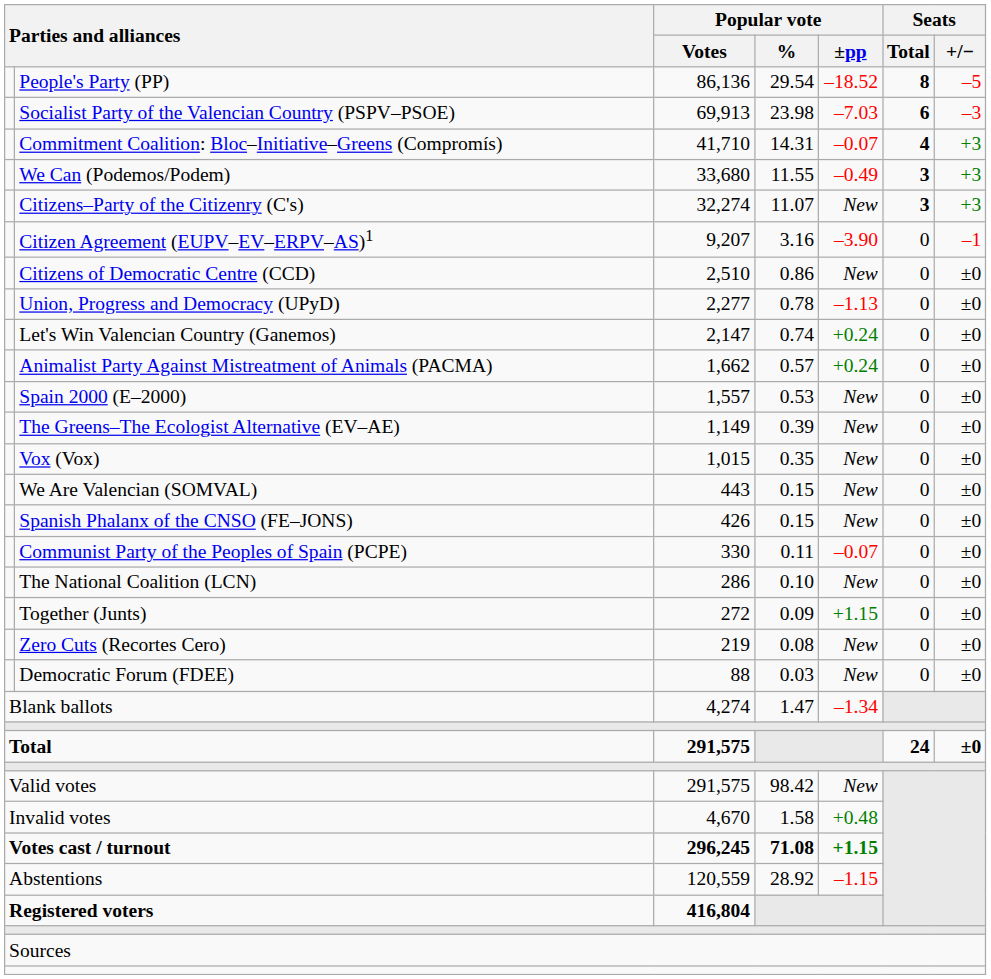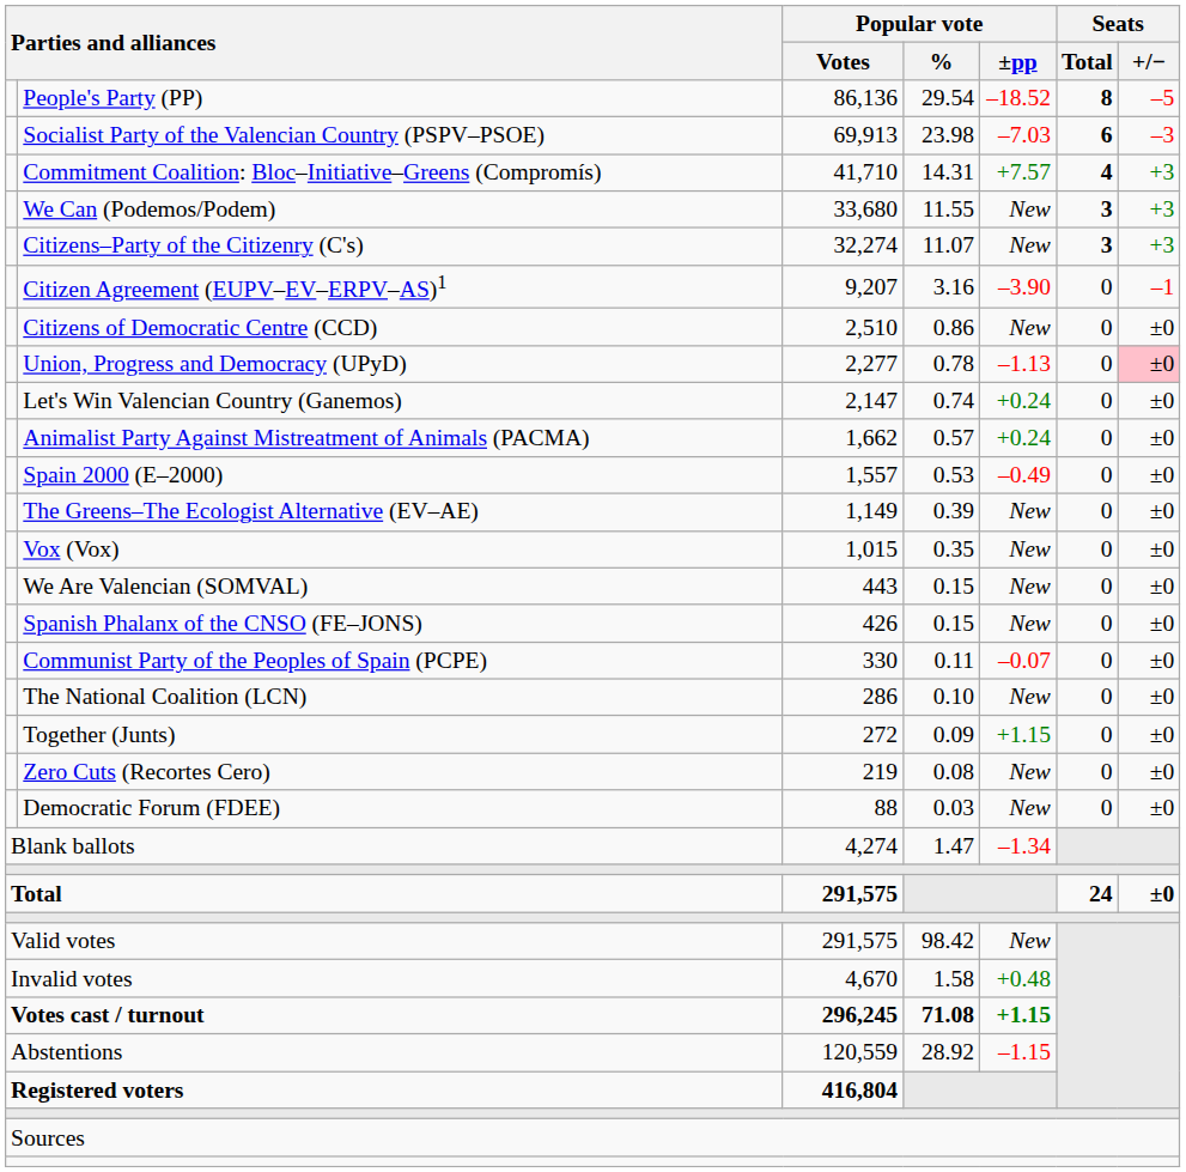 <table class="wikitable" style="text-align:right;">
 <tr>
 <th style="text-align:left;" rowspan="2" colspan="2" width="525">Parties and alliances</th>
 <th colspan="3">Popular vote</th>
 <th colspan="2">Seats</th>
 </tr>
 <tr>
 <th width="75">Votes</th>
 <th width="45">%</th>
 <th width="45">±<a href='#'>pp</a></th>
 <th width="35">Total</th>
 <th width="35">+/−</th>
 </tr>
 <tr>
 <td width="1" style="color:inherit;background:"></td>
 <td align="left"><a href='#'>People's Party</a> (PP)</td>
 <td>86,136</td>
 <td>29.54</td>
 <td style="color:red;">–18.52</td>
 <td><strong>8</strong></td>
 <td style="color:red;">–5</td>
 </tr>
 <tr>
 <td style="color:inherit;background:"></td>
 <td align="left"><a href='#'>Socialist Party of the Valencian Country</a> (PSPV–PSOE)</td>
 <td>69,913</td>
 <td>23.98</td>
 <td style="color:red;">–7.03</td>
 <td><strong>6</strong></td>
 <td style="color:red;">–3</td>
 </tr>
 <tr>
 <td style="color:inherit;background:"></td>
 <td align="left"><a href='#'>Commitment Coalition</a>: <a href='#'>Bloc</a>–<a href='#'>Initiative</a>–<a href='#'>Greens</a> (Compromís)</td>
 <td>41,710</td>
 <td>14.31</td>
-<td style="color:red;">–0.07</td>
+<td style="color:green;">+7.57</td>
 <td><strong>4</strong></td>
 <td style="color:green;">+3</td>
 </tr>
 <tr>
 <td style="color:inherit;background:"></td>
 <td align="left"><a href='#'>We Can</a> (Podemos/Podem)</td>
 <td>33,680</td>
 <td>11.55</td>
-<td style="color:red;">–0.49</td>
+<td><em>New</em></td>
 <td><strong>3</strong></td>
 <td style="color:green;">+3</td>
 </tr>
 <tr>
 <td style="color:inherit;background:"></td>
 <td align="left"><a href='#'>Citizens–Party of the Citizenry</a> (C's)</td>
 <td>32,274</td>
 <td>11.07</td>
 <td><em>New</em></td>
 <td><strong>3</strong></td>
 <td style="color:green;">+3</td>
 </tr>
 <tr>
 <td style="color:inherit;background:"></td>
 <td align="left"><a href='#'>Citizen Agreement</a> (<a href='#'>EUPV</a>–<a href='#'>EV</a>–<a href='#'>ERPV</a>–<a href='#'>AS</a>)<sup>1</sup></td>
 <td>9,207</td>
 <td>3.16</td>
 <td style="color:red;">–3.90</td>
 <td>0</td>
 <td style="color:red;">–1</td>
 </tr>
 <tr>
 <td style="color:inherit;background:"></td>
 <td align="left"><a href='#'>Citizens of Democratic Centre</a> (CCD)</td>
 <td>2,510</td>
 <td>0.86</td>
 <td><em>New</em></td>
 <td>0</td>
 <td>±0</td>
 </tr>
 <tr>
 <td style="color:inherit;background:"></td>
 <td align="left"><a href='#'>Union, Progress and Democracy</a> (UPyD)</td>
 <td>2,277</td>
 <td>0.78</td>
 <td style="color:red;">–1.13</td>
 <td>0</td>
-<td>±0</td>
+<td style="background: pink;">±0</td>
 </tr>
 <tr>
 <td style="color:inherit;background:"></td>
 <td align="left">Let's Win Valencian Country (Ganemos)</td>
 <td>2,147</td>
 <td>0.74</td>
 <td style="color:green;">+0.24</td>
 <td>0</td>
 <td>±0</td>
 </tr>
 <tr>
 <td style="color:inherit;background:"></td>
 <td align="left"><a href='#'>Animalist Party Against Mistreatment of Animals</a> (PACMA)</td>
 <td>1,662</td>
 <td>0.57</td>
 <td style="color:green;">+0.24</td>
 <td>0</td>
 <td>±0</td>
 </tr>
 <tr>
 <td style="color:inherit;background:"></td>
 <td align="left"><a href='#'>Spain 2000</a> (E–2000)</td>
 <td>1,557</td>
 <td>0.53</td>
-<td><em>New</em></td>
+<td style="color:red;">–0.49</td>
 <td>0</td>
 <td>±0</td>
 </tr>
 <tr>
 <td style="color:inherit;background:"></td>
 <td align="left"><a href='#'>The Greens–The Ecologist Alternative</a> (EV–AE)</td>
 <td>1,149</td>
 <td>0.39</td>
 <td><em>New</em></td>
 <td>0</td>
 <td>±0</td>
 </tr>
 <tr>
 <td style="color:inherit;background:"></td>
 <td align="left"><a href='#'>Vox</a> (Vox)</td>
 <td>1,015</td>
 <td>0.35</td>
 <td><em>New</em></td>
 <td>0</td>
 <td>±0</td>
 </tr>
 <tr>
 <td style="color:inherit;background:"></td>
 <td align="left">We Are Valencian (SOMVAL)</td>
 <td>443</td>
 <td>0.15</td>
 <td><em>New</em></td>
 <td>0</td>
 <td>±0</td>
 </tr>
 <tr>
 <td style="color:inherit;background:"></td>
 <td align="left"><a href='#'>Spanish Phalanx of the CNSO</a> (FE–JONS)</td>
 <td>426</td>
 <td>0.15</td>
 <td><em>New</em></td>
 <td>0</td>
 <td>±0</td>
 </tr>
 <tr>
 <td style="color:inherit;background:"></td>
 <td align="left"><a href='#'>Communist Party of the Peoples of Spain</a> (PCPE)</td>
 <td>330</td>
 <td>0.11</td>
 <td style="color:red;">–0.07</td>
 <td>0</td>
 <td>±0</td>
 </tr>
 <tr>
 <td style="color:inherit;background:"></td>
 <td align="left">The National Coalition (LCN)</td>
 <td>286</td>
 <td>0.10</td>
 <td><em>New</em></td>
 <td>0</td>
 <td>±0</td>
 </tr>
 <tr>
 <td style="color:inherit;background:"></td>
 <td align="left">Together (Junts)</td>
 <td>272</td>
 <td>0.09</td>
 <td style="color:green;">+1.15</td>
 <td>0</td>
 <td>±0</td>
 </tr>
 <tr>
 <td style="color:inherit;background:"></td>
 <td align="left"><a href='#'>Zero Cuts</a> (Recortes Cero)</td>
 <td>219</td>
 <td>0.08</td>
 <td><em>New</em></td>
 <td>0</td>
 <td>±0</td>
 </tr>
 <tr>
 <td style="color:inherit;background:"></td>
 <td align="left">Democratic Forum (FDEE)</td>
 <td>88</td>
 <td>0.03</td>
 <td><em>New</em></td>
 <td>0</td>
 <td>±0</td>
 </tr>
 <tr>
 <td align="left" colspan="2">Blank ballots</td>
 <td>4,274</td>
 <td>1.47</td>
 <td style="color:red;">–1.34</td>
 <td bgcolor="#E9E9E9" colspan="2"></td>
 </tr>
 <tr>
 <td colspan="7" bgcolor="#E9E9E9"></td>
 </tr>
 <tr style="font-weight:bold;">
 <td align="left" colspan="2">Total</td>
 <td>291,575</td>
 <td bgcolor="#E9E9E9" colspan="2"></td>
 <td>24</td>
 <td>±0</td>
 </tr>
 <tr>
 <td colspan="7" bgcolor="#E9E9E9"></td>
 </tr>
 <tr>
 <td align="left" colspan="2">Valid votes</td>
 <td>291,575</td>
 <td>98.42</td>
 <td><em>New</em></td>
 <td bgcolor="#E9E9E9" colspan="2" rowspan="5"></td>
 </tr>
 <tr>
 <td align="left" colspan="2">Invalid votes</td>
 <td>4,670</td>
 <td>1.58</td>
 <td style="color:green;">+0.48</td>
 </tr>
 <tr style="font-weight:bold;">
 <td align="left" colspan="2">Votes cast / turnout</td>
 <td>296,245</td>
 <td>71.08</td>
 <td style="color:green;">+1.15</td>
 </tr>
 <tr>
 <td align="left" colspan="2">Abstentions</td>
 <td>120,559</td>
 <td>28.92</td>
 <td style="color:red;">–1.15</td>
 </tr>
 <tr style="font-weight:bold;">
 <td align="left" colspan="2">Registered voters</td>
 <td>416,804</td>
 <td bgcolor="#E9E9E9" colspan="2"></td>
 </tr>
 <tr>
 <td colspan="7" bgcolor="#E9E9E9"></td>
 </tr>
 <tr>
 <td align="left" colspan="7">Sources</td>
 </tr>
 <tr>
 <td colspan="7" style="text-align:left; max-width:790px;"></td>
 </tr>
 </table>
